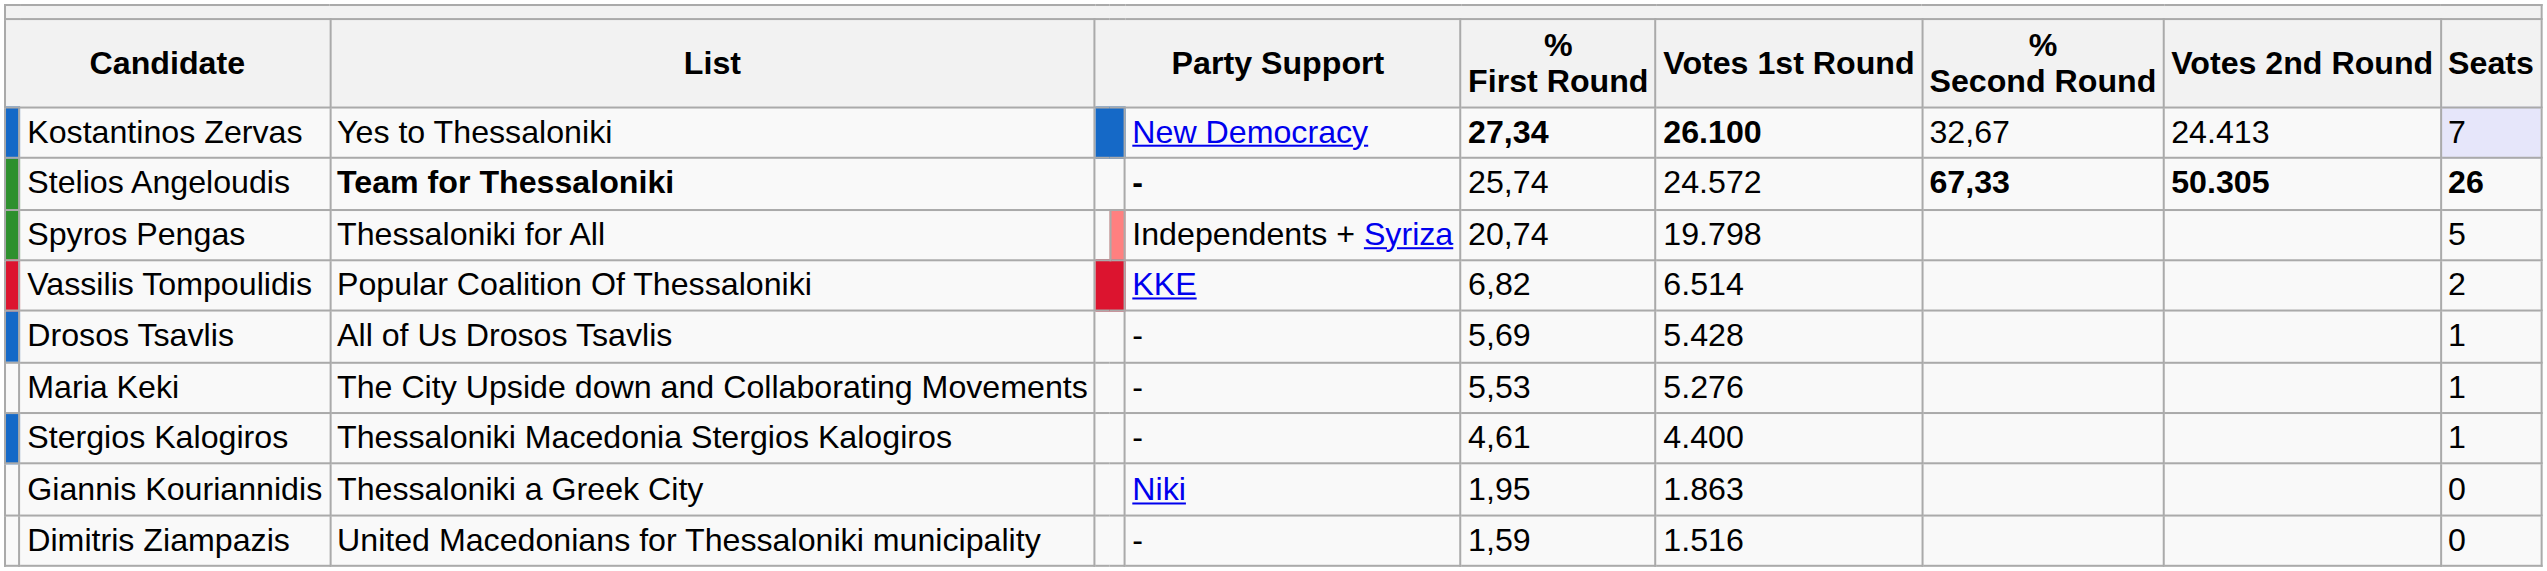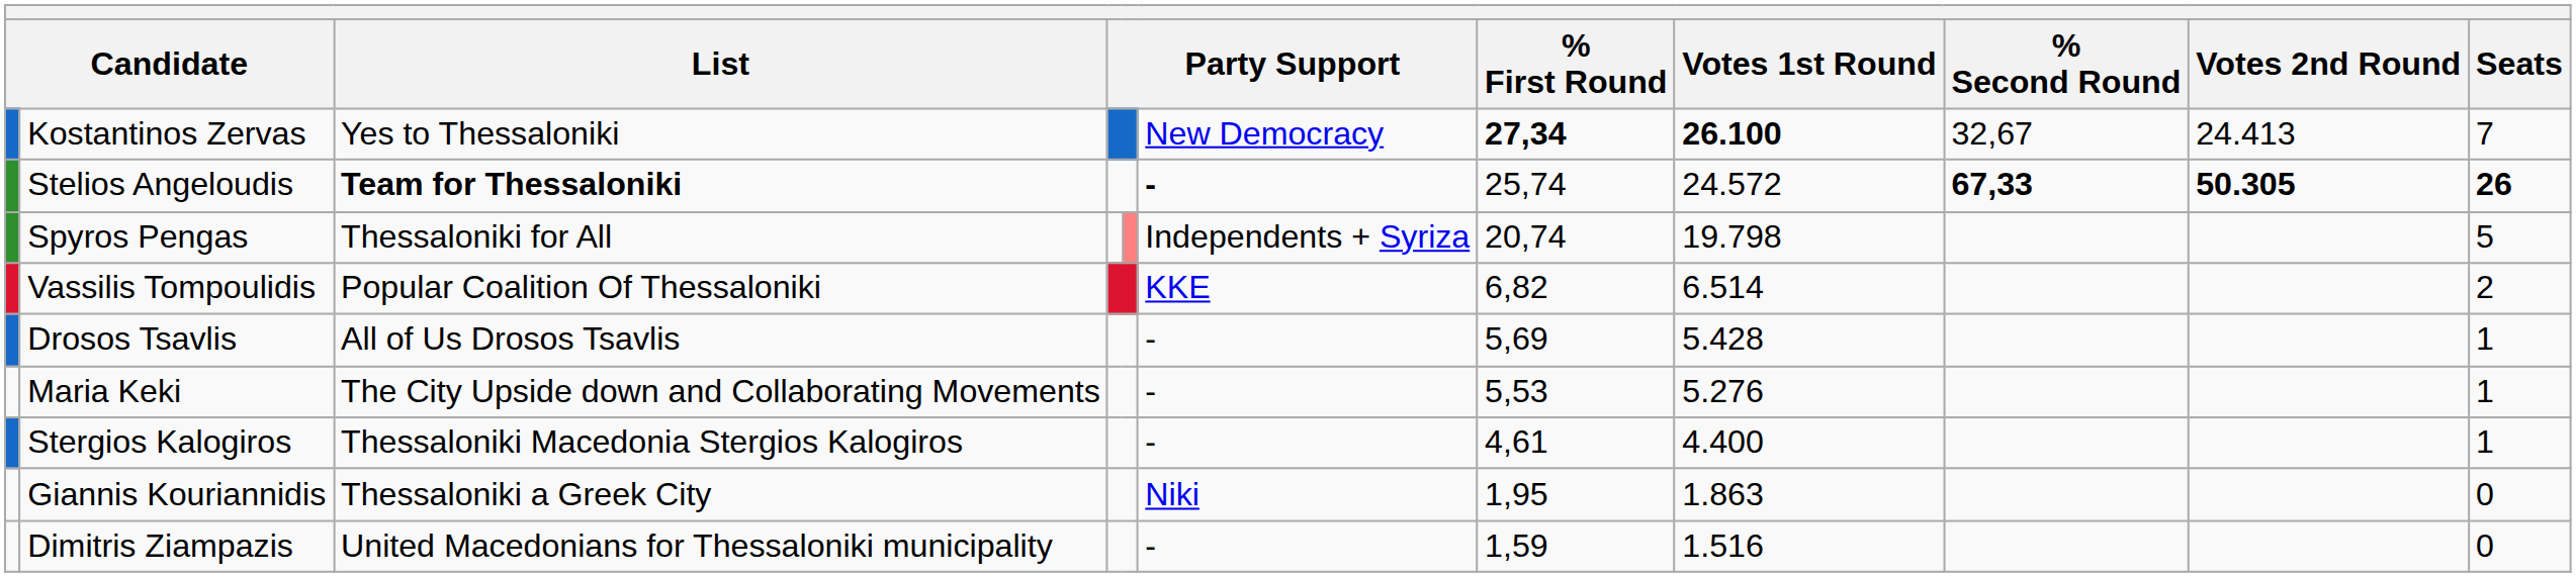 <table class="wikitable">
 <tr>
 <th colspan="11"></th>
 </tr>
 <tr>
 <th colspan="2">Candidate</th>
 <th>List</th>
 <th colspan="3">Party Support</th>
 <th>%<br>First Round</th>
 <th>Votes 1st Round</th>
 <th>%<br>Second Round</th>
 <th>Votes 2nd Round</th>
 <th>Seats</th>
 </tr>
 <tr>
 <td style="background-color:#1569C7"></td>
 <td>Kostantinos Zervas</td>
 <td>Yes to Thessaloniki</td>
 <td colspan="2" style="background-color:#1569C7"></td>
 <td><a href='#'>New Democracy</a></td>
 <td><strong>27,34</strong></td>
 <td><strong>26.100</strong></td>
 <td>32,67</td>
 <td>24.413</td>
-<td style="background: lavender;">7</td>
+<td>7</td>
 </tr>
 <tr>
 <td style="background-color:#2D902D"></td>
 <td>Stelios Angeloudis</td>
 <td><strong>Team for Thessaloniki</strong></td>
 <td colspan="2" style="Party-color:PASOK"></td>
 <td><strong>-</strong></td>
 <td>25,74</td>
 <td>24.572</td>
 <td><strong>67,33</strong></td>
 <td><strong>50.305</strong></td>
 <td><strong>26</strong></td>
 </tr>
 <tr>
 <td style="background-color:#2D902D"></td>
 <td>Spyros Pengas</td>
 <td>Thessaloniki for All</td>
 <td style="background-color: "></td>
 <td style="background-color:#ff8080"></td>
 <td>Independents + <a href='#'>Syriza</a></td>
 <td>20,74</td>
 <td>19.798</td>
 <td></td>
 <td></td>
 <td>5</td>
 </tr>
 <tr>
 <td style="background-color:#DC142F"></td>
 <td>Vassilis Tompoulidis</td>
 <td>Popular Coalition Of Thessaloniki</td>
 <td colspan="2" style="background-color:#DC142F"></td>
 <td><a href='#'>KKE</a></td>
 <td>6,82</td>
 <td>6.514</td>
 <td></td>
 <td></td>
 <td>2</td>
 </tr>
 <tr>
 <td style="background-color:#1569C7"></td>
 <td>Drosos Tsavlis</td>
 <td>All of Us Drosos Tsavlis</td>
 <td colspan="2" style="background-color: "></td>
 <td>-</td>
 <td>5,69</td>
 <td>5.428</td>
 <td></td>
 <td></td>
 <td>1</td>
 </tr>
 <tr>
 <td style="background-color: "></td>
 <td>Maria Keki</td>
 <td>The City Upside down and Collaborating Movements</td>
 <td colspan="2" style="background-color: "></td>
 <td>-</td>
 <td>5,53</td>
 <td>5.276</td>
 <td></td>
 <td></td>
 <td>1</td>
 </tr>
 <tr>
 <td style="background-color:#1569C7"></td>
 <td>Stergios Kalogiros</td>
 <td>Thessaloniki Macedonia Stergios Kalogiros</td>
 <td colspan="2" style="background-color: "></td>
 <td>-</td>
 <td>4,61</td>
 <td>4.400</td>
 <td></td>
 <td></td>
 <td>1</td>
 </tr>
 <tr>
 <td style="background-color: "></td>
 <td>Giannis Kouriannidis</td>
 <td>Thessaloniki a Greek City</td>
 <td colspan="2" style=></td>
 <td><a href='#'>Niki</a></td>
 <td>1,95</td>
 <td>1.863</td>
 <td></td>
 <td></td>
 <td>0</td>
 </tr>
 <tr>
 <td style="background-color: "></td>
 <td>Dimitris Ziampazis</td>
 <td>United Macedonians for Thessaloniki municipality</td>
 <td colspan="2" style="background-color: "></td>
 <td>-</td>
 <td>1,59</td>
 <td>1.516</td>
 <td></td>
 <td></td>
 <td>0</td>
 </tr>
 </table>
